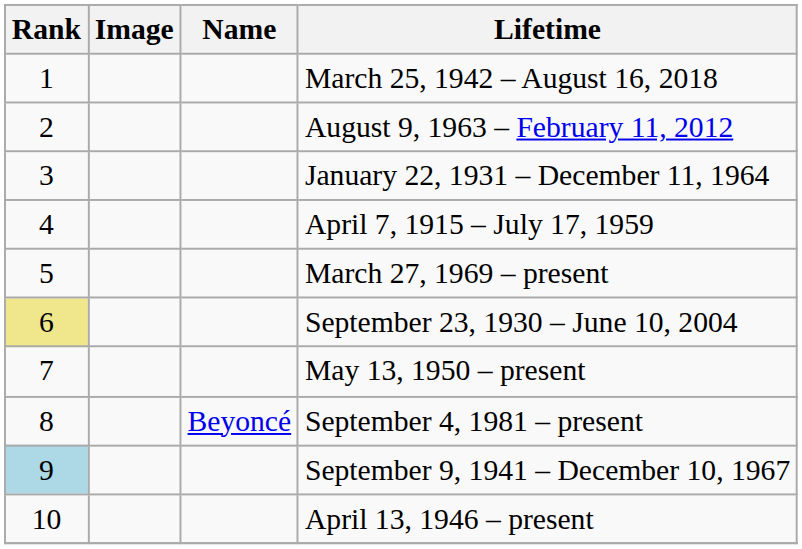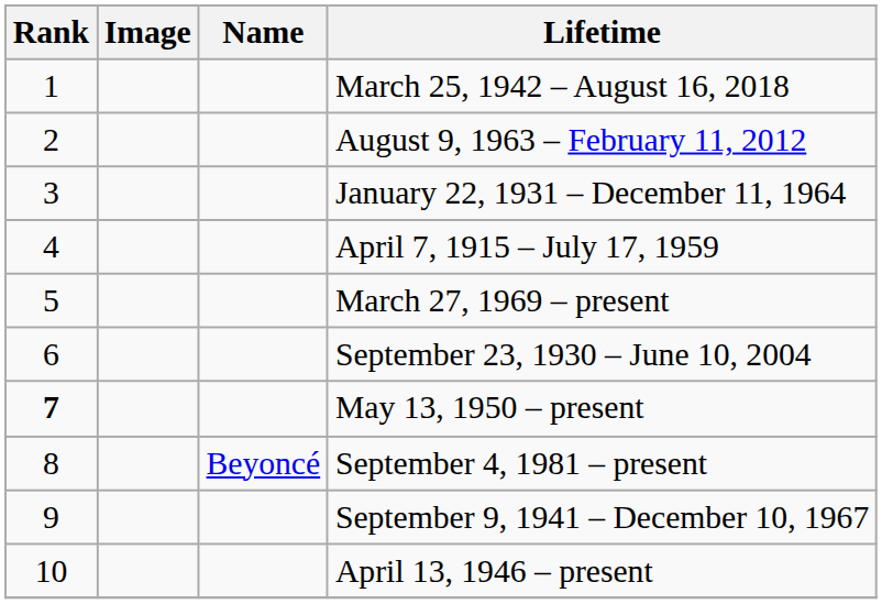 <table class="wikitable sortable" style="font-size: 95%">
 <tr>
 <th>Rank</th>
 <th class="unsortable">Image</th>
 <th>Name</th>
 <th>Lifetime</th>
 </tr>
 <tr>
 <td align="center">1</td>
 <td></td>
 <td></td>
 <td>March 25, 1942 – August 16, 2018</td>
 </tr>
 <tr>
 <td align="center">2</td>
 <td></td>
 <td></td>
 <td>August 9, 1963 – <a href='#'>February 11, 2012</a></td>
 </tr>
 <tr>
 <td align="center">3</td>
 <td></td>
 <td></td>
 <td>January 22, 1931 – December 11, 1964</td>
 </tr>
 <tr>
 <td align="center">4</td>
 <td></td>
 <td></td>
 <td>April 7, 1915 – July 17, 1959</td>
 </tr>
 <tr>
 <td align="center">5</td>
 <td></td>
 <td></td>
 <td>March 27, 1969 – present</td>
 </tr>
 <tr>
-<td align="center" style="background: khaki;">6</td>
+<td align="center">6</td>
 <td></td>
 <td></td>
 <td>September 23, 1930 – June 10, 2004</td>
 </tr>
 <tr>
-<td align="center">7</td>
+<td align="center"><strong>7</strong></td>
 <td></td>
 <td></td>
 <td>May 13, 1950 – present</td>
 </tr>
 <tr>
 <td align="center">8</td>
 <td></td>
 <td><a href='#'>Beyoncé</a></td>
 <td>September 4, 1981 – present</td>
 </tr>
 <tr>
-<td align="center" style="background: lightblue;">9</td>
+<td align="center">9</td>
 <td></td>
 <td></td>
 <td>September 9, 1941 – December 10, 1967</td>
 </tr>
 <tr>
 <td align="center">10</td>
 <td></td>
 <td></td>
 <td>April 13, 1946 – present</td>
 </tr>
 <tr>
 </tr>
 </table>
